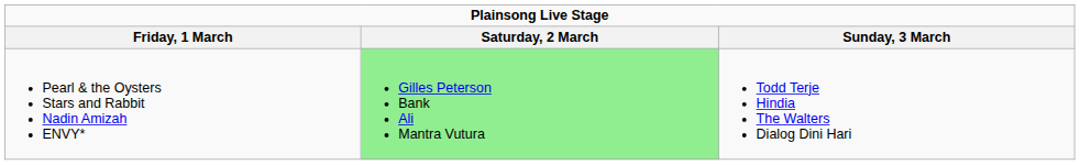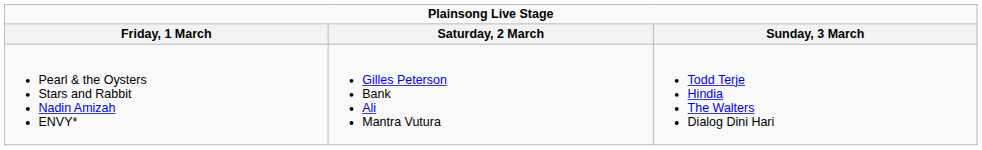 <table class="wikitable">
 <tr>
 <td colspan="4" align="center"><strong>Plainsong Live Stage</strong></td>
 </tr>
 <tr>
 <th width="500">Friday, 1 March</th>
 <th width="500">Saturday, 2 March</th>
 <th width="500">Sunday, 3 March</th>
 </tr>
 <tr valign="top">
 <td><br><ul><li>Pearl & the Oysters</li><li>Stars and Rabbit</li><li><a href='#'>Nadin Amizah</a></li><li>ENVY*</li></ul></td>
-<td style="background: lightgreen;"><br><ul><li><a href='#'>Gilles Peterson</a></li><li>Bank</li><li><a href='#'>Ali</a></li><li>Mantra Vutura</li></ul></td>
+<td><br><ul><li><a href='#'>Gilles Peterson</a></li><li>Bank</li><li><a href='#'>Ali</a></li><li>Mantra Vutura</li></ul></td>
 <td><br><ul><li><a href='#'>Todd Terje</a></li><li><a href='#'>Hindia</a></li><li><a href='#'>The Walters</a></li><li>Dialog Dini Hari</li></ul></td>
 </tr>
 </table>
